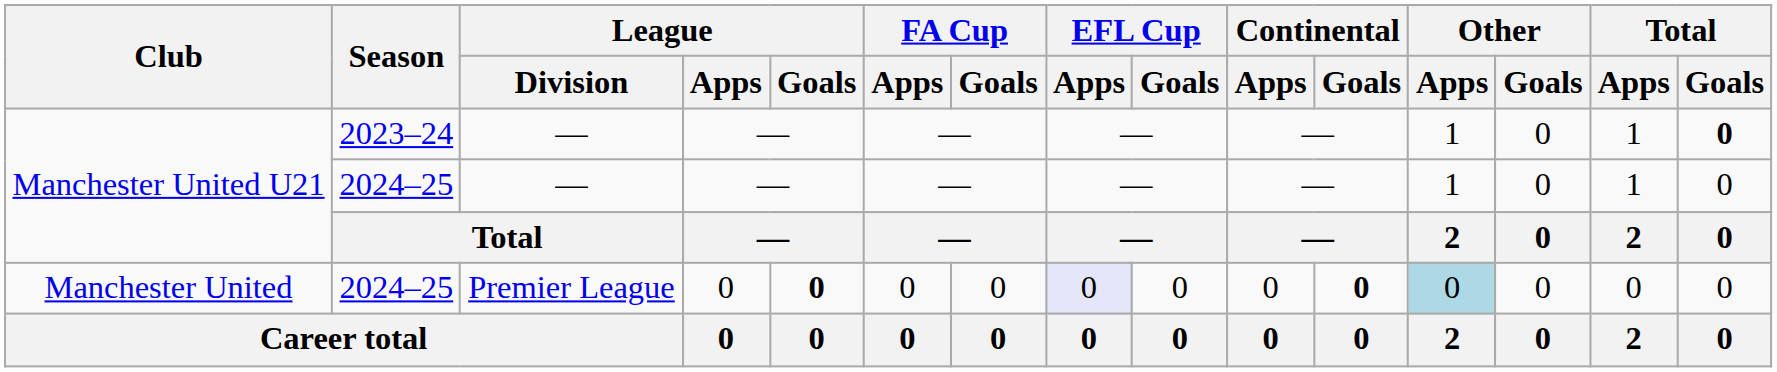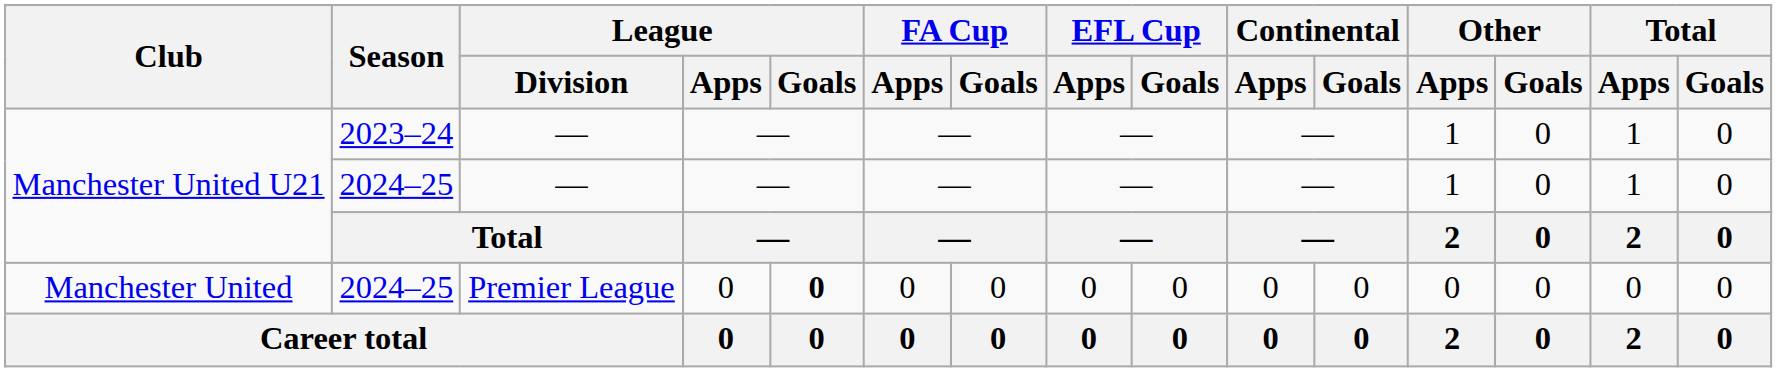 <table class=wikitable style="text-align:center">
 <tr>
 <th rowspan=2>Club</th>
 <th rowspan=2>Season</th>
 <th colspan=3>League</th>
 <th colspan=2><a href='#'>FA Cup</a></th>
 <th colspan=2><a href='#'>EFL Cup</a></th>
 <th colspan=2>Continental</th>
 <th colspan=2>Other</th>
 <th colspan=2>Total</th>
 </tr>
 <tr>
 <th>Division</th>
 <th>Apps</th>
 <th>Goals</th>
 <th>Apps</th>
 <th>Goals</th>
 <th>Apps</th>
 <th>Goals</th>
 <th>Apps</th>
 <th>Goals</th>
 <th>Apps</th>
 <th>Goals</th>
 <th>Apps</th>
 <th>Goals</th>
 </tr>
 <tr>
 <td rowspan="3"><a href='#'>Manchester United U21</a></td>
 <td><a href='#'>2023–24</a></td>
 <td>—</td>
 <td colspan=2>—</td>
 <td colspan=2>—</td>
 <td colspan=2>—</td>
 <td colspan=2>—</td>
 <td>1</td>
 <td>0</td>
 <td>1</td>
-<td><strong>0</strong></td>
+<td>0</td>
 </tr>
 <tr>
 <td><a href='#'>2024–25</a></td>
 <td>—</td>
 <td colspan=2>—</td>
 <td colspan=2>—</td>
 <td colspan=2>—</td>
 <td colspan=2>—</td>
 <td>1</td>
 <td>0</td>
 <td>1</td>
 <td>0</td>
 </tr>
 <tr>
 <th colspan="2">Total</th>
 <th colspan=2>—</th>
 <th colspan=2>—</th>
 <th colspan=2>—</th>
 <th colspan=2>—</th>
 <th>2</th>
 <th>0</th>
 <th>2</th>
 <th>0</th>
 </tr>
 <tr>
 <td rowspan="1"><a href='#'>Manchester United</a></td>
 <td><a href='#'>2024–25</a></td>
 <td rowspan="1"><a href='#'>Premier League</a></td>
 <td>0</td>
 <td><strong>0</strong></td>
 <td>0</td>
 <td>0</td>
-<td style="background: lavender;">0</td>
 <td>0</td>
 <td>0</td>
-<td><strong>0</strong></td>
-<td style="background: lightblue;">0</td>
+<td>0</td>
+<td>0</td>
+<td>0</td>
 <td>0</td>
 <td>0</td>
 <td>0</td>
 </tr>
 <tr>
 <th colspan=3>Career total</th>
 <th>0</th>
 <th>0</th>
 <th>0</th>
 <th>0</th>
 <th>0</th>
 <th>0</th>
 <th>0</th>
 <th>0</th>
 <th>2</th>
 <th>0</th>
 <th>2</th>
 <th>0</th>
 </tr>
 </table>
